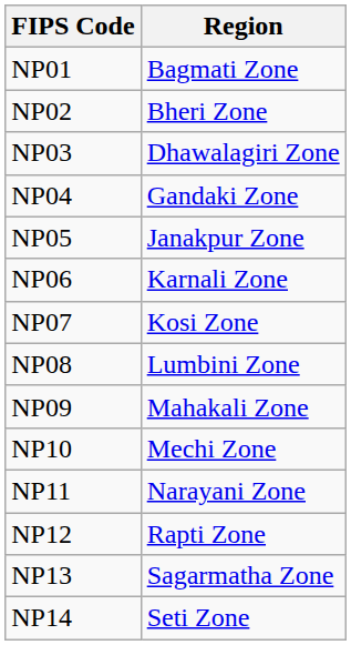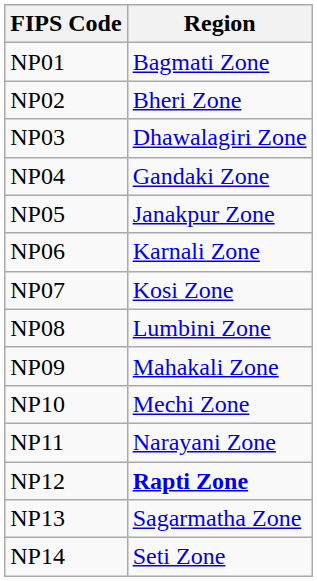 <table class="wikitable">
 <tr>
 <th>FIPS Code</th>
 <th>Region</th>
 </tr>
 <tr>
 <td>NP01</td>
 <td><a href='#'>Bagmati Zone</a></td>
 </tr>
 <tr>
 <td>NP02</td>
 <td><a href='#'>Bheri Zone</a></td>
 </tr>
 <tr>
 <td>NP03</td>
 <td><a href='#'>Dhawalagiri Zone</a></td>
 </tr>
 <tr>
 <td>NP04</td>
 <td><a href='#'>Gandaki Zone</a></td>
 </tr>
 <tr>
 <td>NP05</td>
 <td><a href='#'>Janakpur Zone</a></td>
 </tr>
 <tr>
 <td>NP06</td>
 <td><a href='#'>Karnali Zone</a></td>
 </tr>
 <tr>
 <td>NP07</td>
 <td><a href='#'>Kosi Zone</a></td>
 </tr>
 <tr>
 <td>NP08</td>
 <td><a href='#'>Lumbini Zone</a></td>
 </tr>
 <tr>
 <td>NP09</td>
 <td><a href='#'>Mahakali Zone</a></td>
 </tr>
 <tr>
 <td>NP10</td>
 <td><a href='#'>Mechi Zone</a></td>
 </tr>
 <tr>
 <td>NP11</td>
 <td><a href='#'>Narayani Zone</a></td>
 </tr>
 <tr>
 <td>NP12</td>
-<td><a href='#'>Rapti Zone</a></td>
+<td><strong><a href='#'>Rapti Zone</a></strong></td>
 </tr>
 <tr>
 <td>NP13</td>
 <td><a href='#'>Sagarmatha Zone</a></td>
 </tr>
 <tr>
 <td>NP14</td>
 <td><a href='#'>Seti Zone</a></td>
 </tr>
 </table>
